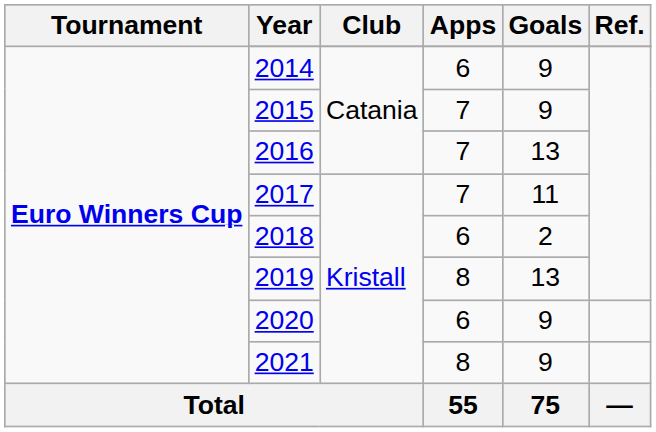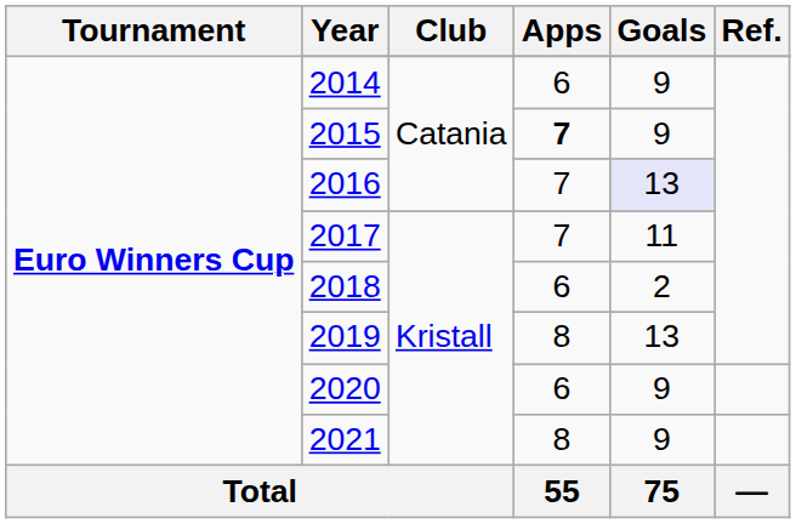 <table class="wikitable" style="text-align:center;">
 <tr>
 <th>Tournament</th>
 <th>Year</th>
 <th>Club</th>
 <th>Apps</th>
 <th>Goals</th>
 <th>Ref.</th>
 </tr>
 <tr>
 <td rowspan="9"><strong><a href='#'>Euro Winners Cup</a></strong></td>
 </tr>
 <tr>
 <td> <a href='#'>2014</a></td>
 <td align=left rowspan=3> Catania</td>
 <td>6</td>
 <td>9</td>
 <td rowspan=6></td>
 </tr>
 <tr>
 <td> <a href='#'>2015</a></td>
-<td>7</td>
+<td><strong>7</strong></td>
 <td>9</td>
 </tr>
 <tr>
 <td> <a href='#'>2016</a></td>
 <td>7</td>
-<td>13</td>
+<td style="background: lavender;">13</td>
 </tr>
 <tr>
 <td> <a href='#'>2017</a></td>
 <td align=left rowspan=5> <a href='#'>Kristall</a></td>
 <td>7</td>
 <td>11</td>
 </tr>
 <tr>
 <td> <a href='#'>2018</a></td>
 <td>6</td>
 <td>2</td>
 </tr>
 <tr>
 <td> <a href='#'>2019</a></td>
 <td>8</td>
 <td>13</td>
 </tr>
 <tr>
 <td> <a href='#'>2020</a></td>
 <td>6</td>
 <td>9</td>
 <td></td>
 </tr>
 <tr>
 <td> <a href='#'>2021</a></td>
 <td>8</td>
 <td>9</td>
 <td></td>
 </tr>
 <tr>
 <th colspan=3>Total</th>
 <th>55</th>
 <th>75</th>
 <th>—</th>
 </tr>
 </table>
